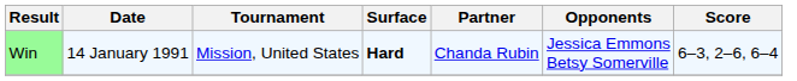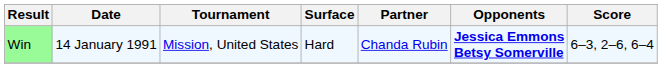 <table class="wikitable">
 <tr>
 <th>Result</th>
 <th>Date</th>
 <th>Tournament</th>
 <th>Surface</th>
 <th>Partner</th>
 <th>Opponents</th>
 <th>Score</th>
 </tr>
 <tr style="background:#f0f8ff;">
 <td style="background:#98fb98;">Win</td>
 <td>14 January 1991</td>
 <td><a href='#'>Mission</a>, United States</td>
-<td><strong>Hard</strong></td>
+<td>Hard</td>
 <td> <a href='#'>Chanda Rubin</a></td>
-<td> <a href='#'>Jessica Emmons</a><br> <a href='#'>Betsy Somerville</a></td>
+<td><strong> <a href='#'>Jessica Emmons</a><br> <a href='#'>Betsy Somerville</a></strong></td>
 <td>6–3, 2–6, 6–4</td>
 </tr>
 <tr>
 </tr>
 </table>
